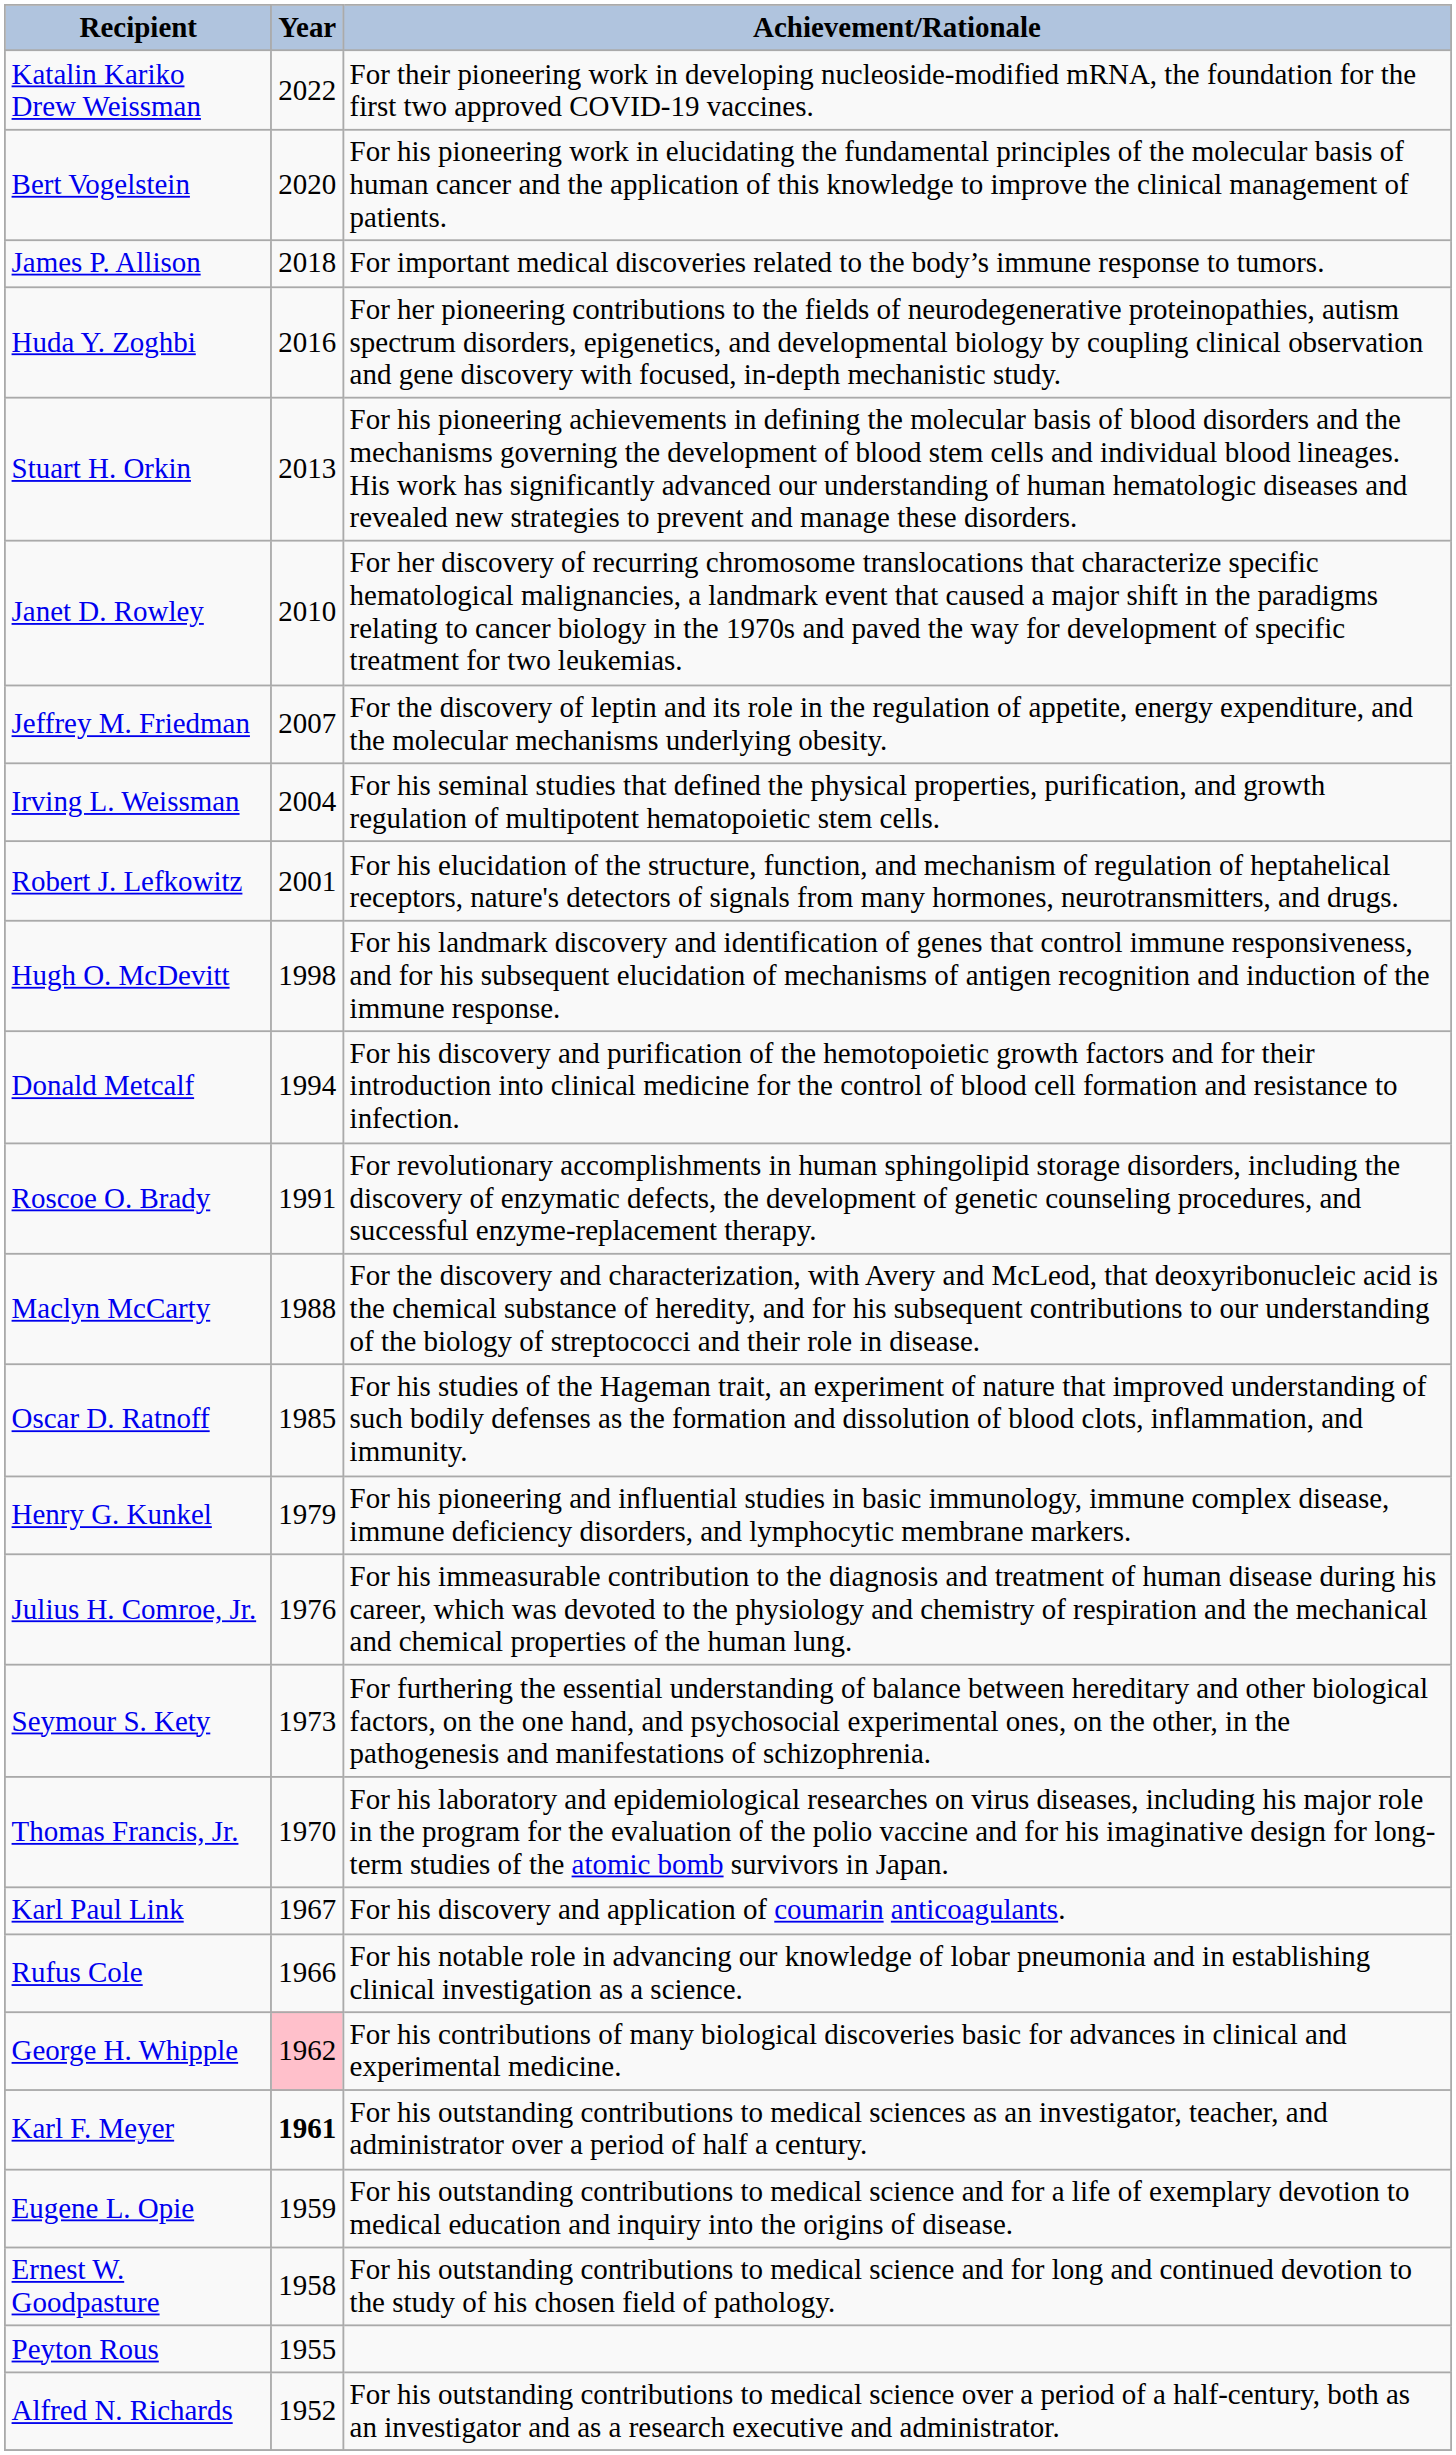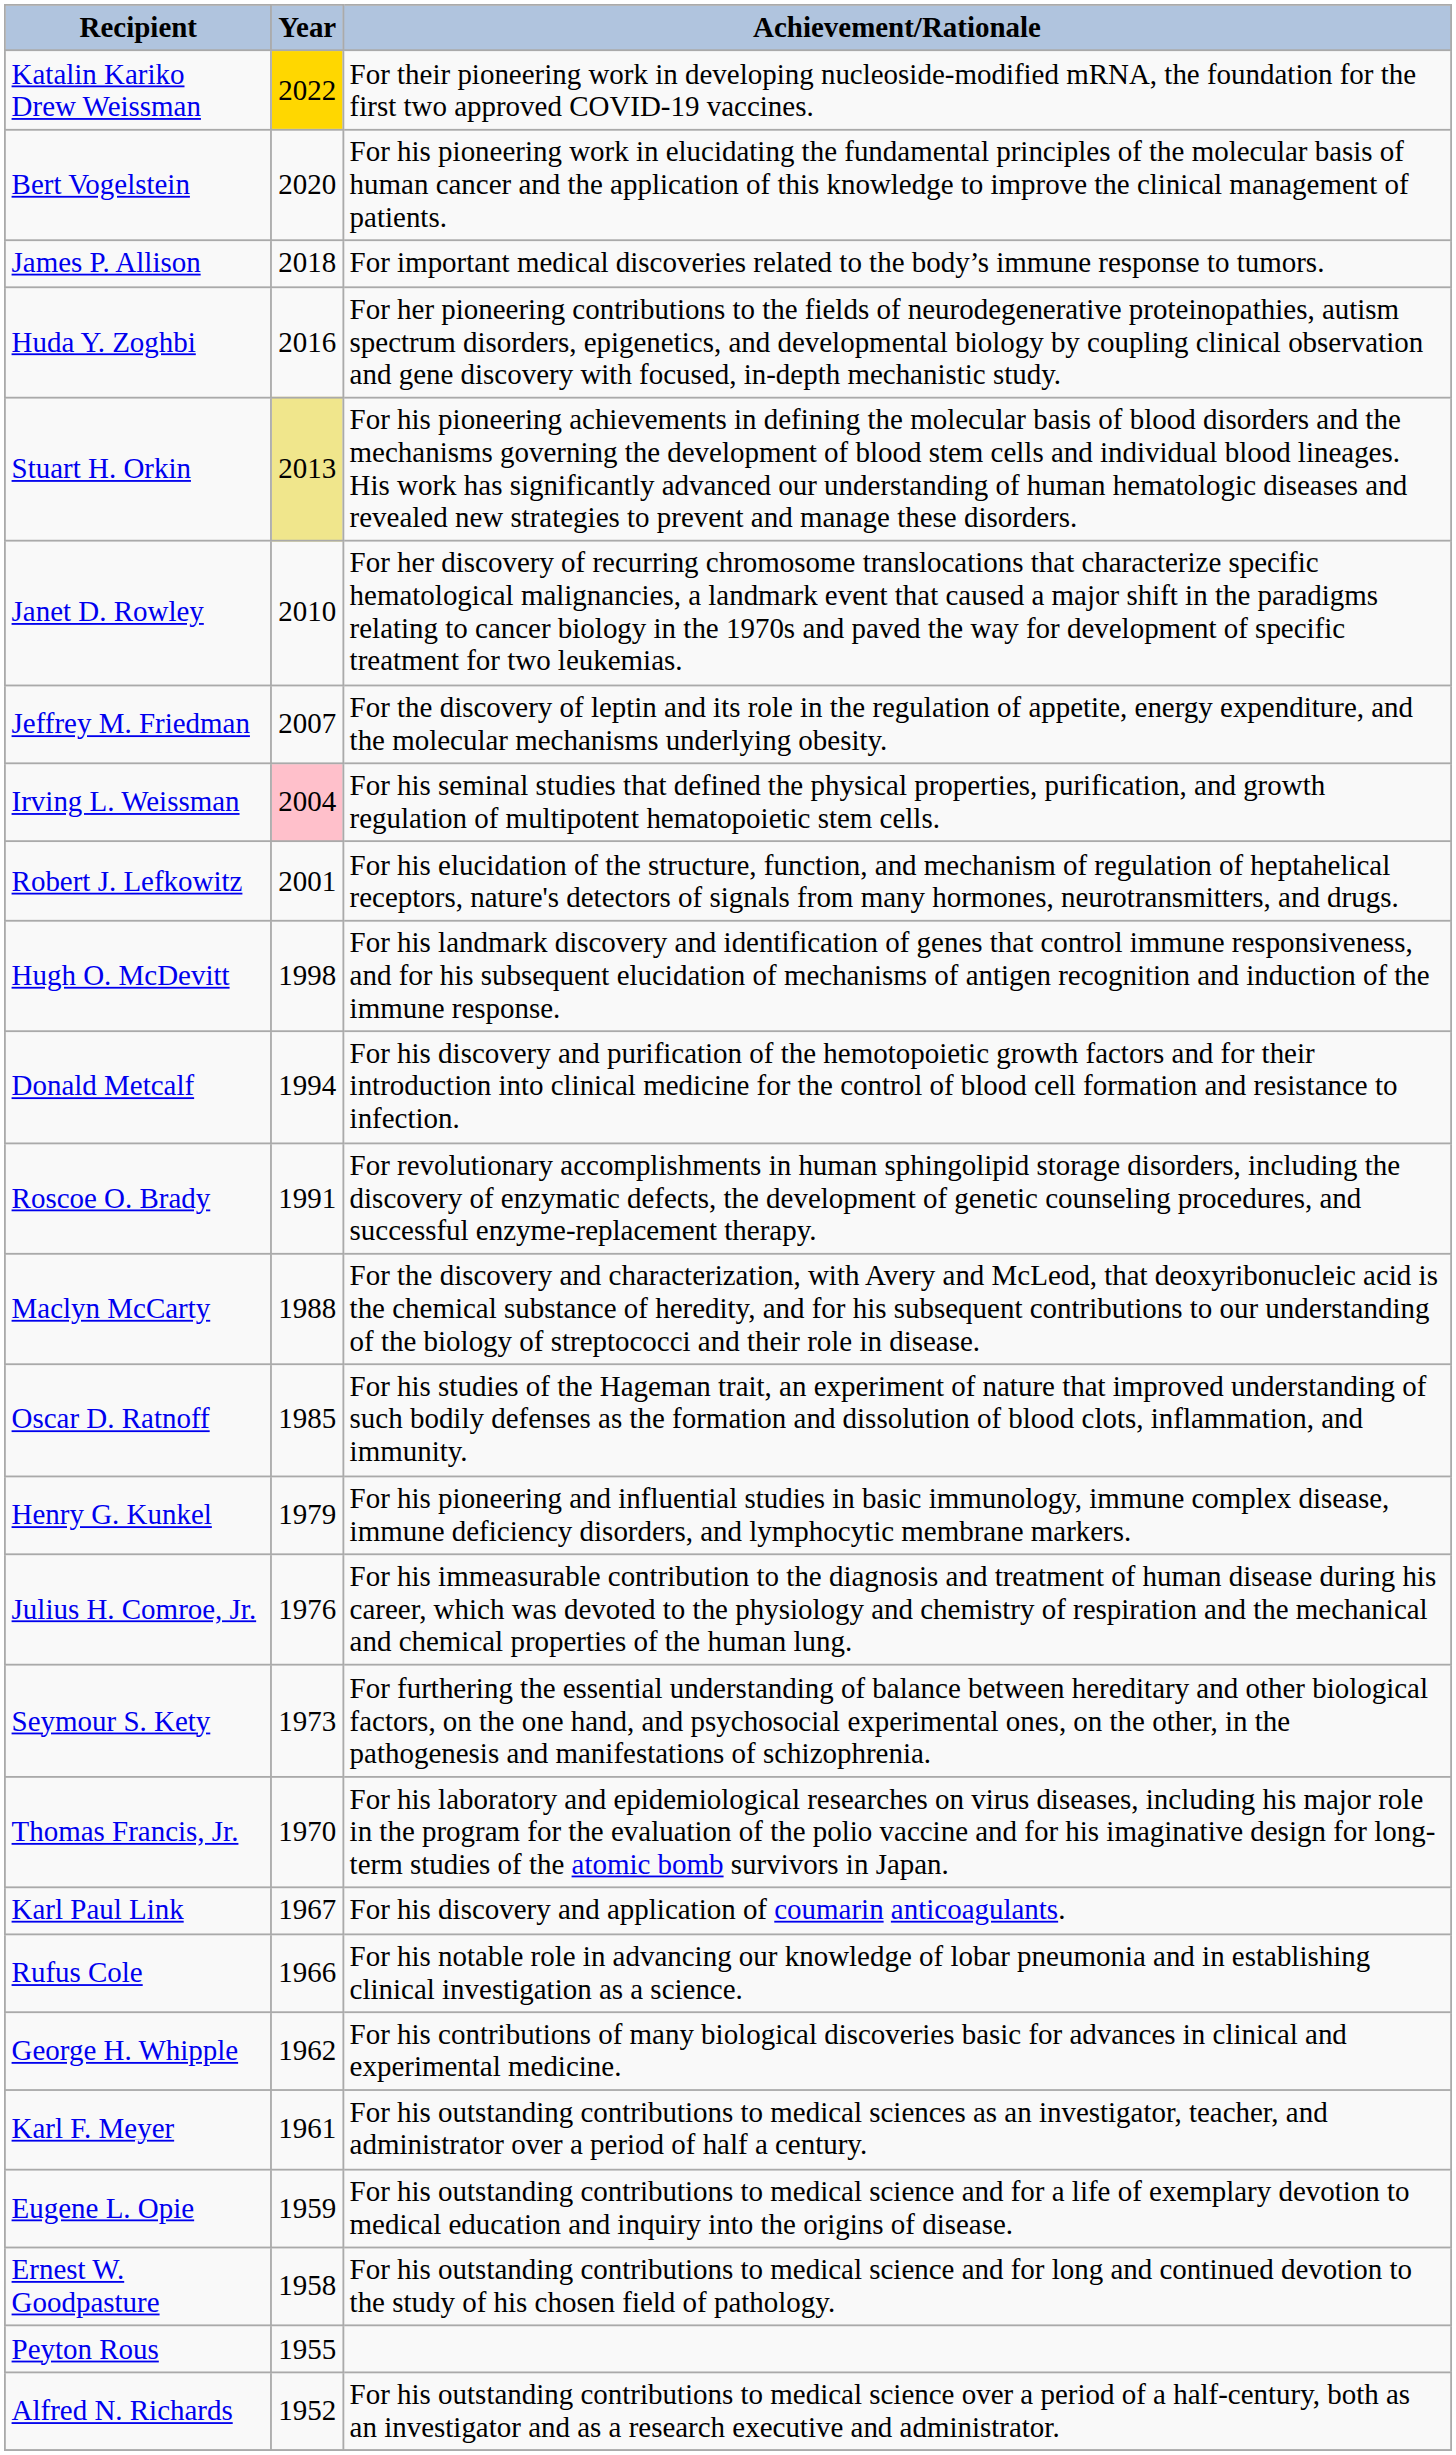 <table class="wikitable sortable" width=800em>
 <tr style="text-align:center;">
 <th style="background:#B0C4DE;" width="140px">Recipient</th>
 <th style="background:#B0C4DE;">Year</th>
 <th style="background:#B0C4DE;">Achievement/Rationale</th>
 </tr>
 <tr>
 <td><a href='#'>Katalin Kariko</a><br> <a href='#'>Drew Weissman</a></td>
-<td>2022</td>
+<td style="background: gold;">2022</td>
 <td>For their pioneering work in developing nucleoside-modified mRNA, the foundation for the first two approved COVID-19 vaccines.</td>
 </tr>
 <tr>
 <td><a href='#'>Bert Vogelstein</a></td>
 <td>2020</td>
 <td>For his pioneering work in elucidating the fundamental principles of the molecular basis of human cancer and the application of this knowledge to improve the clinical management of patients.</td>
 </tr>
 <tr>
 <td><a href='#'>James P. Allison</a></td>
 <td>2018</td>
 <td>For important medical discoveries related to the body’s immune response to tumors.</td>
 </tr>
 <tr>
 <td><a href='#'>Huda Y. Zoghbi</a></td>
 <td>2016</td>
 <td>For her pioneering contributions to the fields of neurodegenerative proteinopathies, autism spectrum disorders, epigenetics, and developmental biology by coupling clinical observation and gene discovery with focused, in-depth mechanistic study.</td>
 </tr>
 <tr>
 <td><a href='#'>Stuart H. Orkin</a></td>
-<td>2013</td>
+<td style="background: khaki;">2013</td>
 <td>For his pioneering achievements in defining the molecular basis of blood disorders and the mechanisms governing the development of blood stem cells and individual blood lineages. His work has significantly advanced our understanding of human hematologic diseases and revealed new strategies to prevent and manage these disorders.</td>
 </tr>
 <tr>
 <td><a href='#'>Janet D. Rowley</a></td>
 <td>2010</td>
 <td>For her discovery of recurring chromosome translocations that characterize specific hematological malignancies, a landmark event that caused a major shift in the paradigms relating to cancer biology in the 1970s and paved the way for development of specific treatment for two leukemias.</td>
 </tr>
 <tr>
 <td><a href='#'>Jeffrey M. Friedman</a></td>
 <td>2007</td>
 <td>For the discovery of leptin and its role in the regulation of appetite, energy expenditure, and the molecular mechanisms underlying obesity.</td>
 </tr>
 <tr>
 <td><a href='#'>Irving L. Weissman</a></td>
-<td>2004</td>
+<td style="background: pink;">2004</td>
 <td>For his seminal studies that defined the physical properties, purification, and growth regulation of multipotent hematopoietic stem cells.</td>
 </tr>
 <tr>
 <td><a href='#'>Robert J. Lefkowitz</a></td>
 <td>2001</td>
 <td>For his elucidation of the structure, function, and mechanism of regulation of heptahelical receptors, nature's detectors of signals from many hormones, neurotransmitters, and drugs.</td>
 </tr>
 <tr>
 <td><a href='#'>Hugh O. McDevitt</a></td>
 <td>1998</td>
 <td>For his landmark discovery and identification of genes that control immune responsiveness, and for his subsequent elucidation of mechanisms of antigen recognition and induction of the immune response.</td>
 </tr>
 <tr>
 <td><a href='#'>Donald Metcalf</a></td>
 <td>1994</td>
 <td>For his discovery and purification of the hemotopoietic growth factors and for their introduction into clinical medicine for the control of blood cell formation and resistance to infection.</td>
 </tr>
 <tr>
 <td><a href='#'>Roscoe O. Brady</a></td>
 <td>1991</td>
 <td>For revolutionary accomplishments in human sphingolipid storage disorders, including the discovery of enzymatic defects, the development of genetic counseling procedures, and successful enzyme-replacement therapy.</td>
 </tr>
 <tr>
 <td><a href='#'>Maclyn McCarty</a></td>
 <td>1988</td>
 <td>For the discovery and characterization, with Avery and McLeod, that deoxyribonucleic acid is the chemical substance of heredity, and for his subsequent contributions to our understanding of the biology of streptococci and their role in disease.</td>
 </tr>
 <tr>
 <td><a href='#'>Oscar D. Ratnoff</a></td>
 <td>1985</td>
 <td>For his studies of the Hageman trait, an experiment of nature that improved understanding of such bodily defenses as the formation and dissolution of blood clots, inflammation, and immunity.</td>
 </tr>
 <tr>
 <td><a href='#'>Henry G. Kunkel</a></td>
 <td>1979</td>
 <td>For his pioneering and influential studies in basic immunology, immune complex disease, immune deficiency disorders, and lymphocytic membrane markers.</td>
 </tr>
 <tr>
 <td><a href='#'>Julius H. Comroe, Jr.</a></td>
 <td>1976</td>
 <td>For his immeasurable contribution to the diagnosis and treatment of human disease during his career, which was devoted to the physiology and chemistry of respiration and the mechanical and chemical properties of the human lung.</td>
 </tr>
 <tr>
 <td><a href='#'>Seymour S. Kety</a></td>
 <td>1973</td>
 <td>For furthering the essential understanding of balance between hereditary and other biological factors, on the one hand, and psychosocial experimental ones, on the other, in the pathogenesis and manifestations of schizophrenia.</td>
 </tr>
 <tr>
 <td><a href='#'>Thomas Francis, Jr.</a></td>
 <td>1970</td>
 <td>For his laboratory and epidemiological researches on virus diseases, including his major role in the program for the evaluation of the polio vaccine and for his imaginative design for long-term studies of the <a href='#'>atomic bomb</a> survivors in Japan.</td>
 </tr>
 <tr>
 <td><a href='#'>Karl Paul Link</a></td>
 <td>1967</td>
 <td>For his discovery and application of <a href='#'>coumarin</a> <a href='#'>anticoagulants</a>.</td>
 </tr>
 <tr>
 <td><a href='#'>Rufus Cole</a></td>
 <td>1966</td>
 <td>For his notable role in advancing our knowledge of lobar pneumonia and in establishing clinical investigation as a science.</td>
 </tr>
 <tr>
 <td><a href='#'>George H. Whipple</a></td>
-<td style="background: pink;">1962</td>
+<td>1962</td>
 <td>For his contributions of many biological discoveries basic for advances in clinical and experimental medicine.</td>
 </tr>
 <tr>
 <td><a href='#'>Karl F. Meyer</a></td>
-<td><strong>1961</strong></td>
+<td>1961</td>
 <td>For his outstanding contributions to medical sciences as an investigator, teacher, and administrator over a period of half a century.</td>
 </tr>
 <tr>
 <td><a href='#'>Eugene L. Opie</a></td>
 <td>1959</td>
 <td>For his outstanding contributions to medical science and for a life of exemplary devotion to medical education and inquiry into the origins of disease.</td>
 </tr>
 <tr>
 <td><a href='#'>Ernest W. Goodpasture</a></td>
 <td>1958</td>
 <td>For his outstanding contributions to medical science and for long and continued devotion to the study of his chosen field of pathology.</td>
 </tr>
 <tr>
 <td><a href='#'>Peyton Rous</a></td>
 <td>1955</td>
 </tr>
 <tr>
 <td><a href='#'>Alfred N. Richards</a></td>
 <td>1952</td>
 <td>For his outstanding contributions to medical science over a period of a half-century, both as an investigator and as a research executive and administrator.</td>
 </tr>
 <tr>
 </tr>
 </table>
